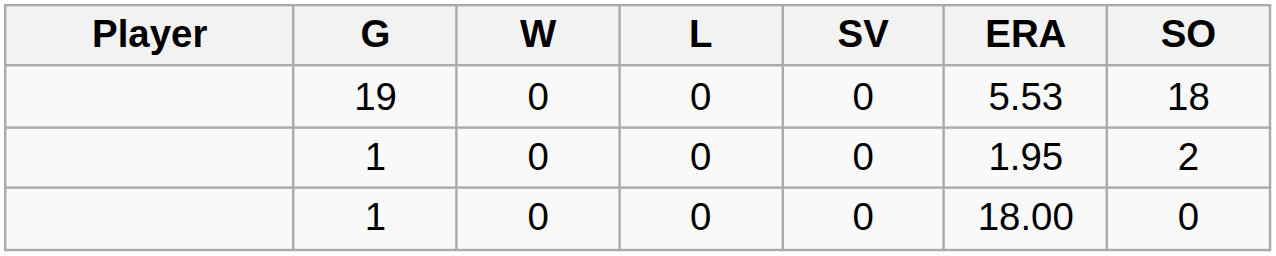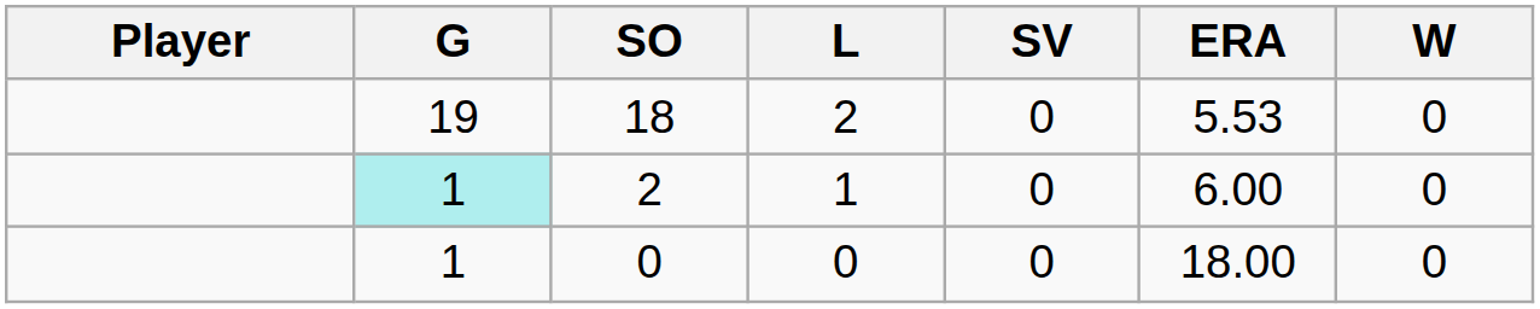 <table class="wikitable sortable">
 <tr>
 <th bgcolor="#DDDDFF" width="16%">Player</th>
 <th bgcolor="#DDDDFF" width="9%">G</th>
-<th bgcolor="#DDDDFF" width="9%">W</th>
+<th bgcolor="#DDDDFF" width="9%">SO</th>
 <th bgcolor="#DDDDFF" width="9%">L</th>
 <th bgcolor="#DDDDFF" width="9%">SV</th>
 <th bgcolor="#DDDDFF" width="9%">ERA</th>
-<th bgcolor="#DDDDFF" width="9%">SO</th>
+<th bgcolor="#DDDDFF" width="9%">W</th>
 </tr>
 <tr align="center">
 <td></td>
 <td>19</td>
-<td>0</td>
-<td>0</td>
+<td>18</td>
+<td>2</td>
 <td>0</td>
 <td>5.53</td>
-<td>18</td>
+<td>0</td>
 </tr>
 <tr align="center">
 <td></td>
+<td style="background: paleturquoise;">1</td>
+<td>2</td>
 <td>1</td>
 <td>0</td>
+<td>6.00</td>
 <td>0</td>
-<td>0</td>
-<td>1.95</td>
-<td>2</td>
 </tr>
 <tr align="center">
 <td></td>
 <td>1</td>
 <td>0</td>
 <td>0</td>
 <td>0</td>
 <td>18.00</td>
 <td>0</td>
 </tr>
 </table>
